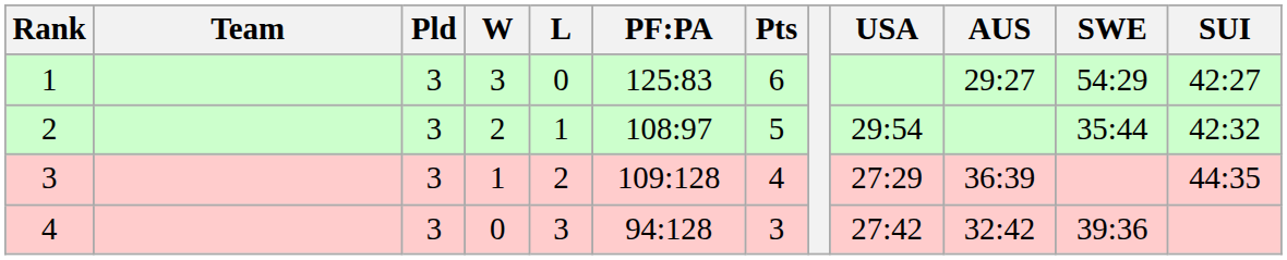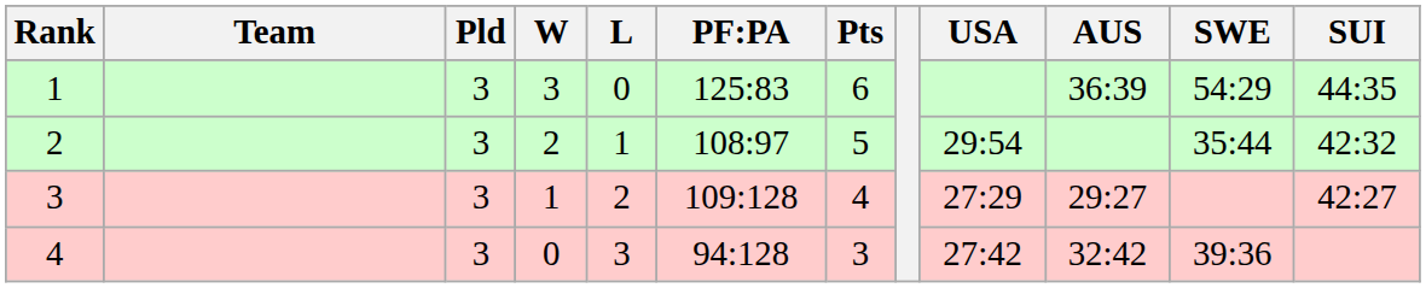 <table class="wikitable" style="text-align:center;">
 <tr>
 <th width=25>Rank</th>
 <th width=150>Team</th>
 <th width=25>Pld</th>
 <th width=25>W</th>
 <th width=25>L</th>
 <th width=70>PF:PA</th>
 <th width=25>Pts</th>
 <th rowspan="5"> </th>
 <th width=50>USA</th>
 <th width=50>AUS</th>
 <th width=50>SWE</th>
 <th width=50>SUI</th>
 </tr>
 <tr style="background:#ccffcc;">
 <td>1</td>
 <td align=left></td>
 <td>3</td>
 <td>3</td>
 <td>0</td>
 <td>125:83</td>
 <td>6</td>
 <td></td>
-<td>29:27</td>
+<td>36:39</td>
 <td>54:29</td>
-<td>42:27</td>
+<td>44:35</td>
 </tr>
 <tr style="background:#ccffcc;">
 <td>2</td>
 <td align=left></td>
 <td>3</td>
 <td>2</td>
 <td>1</td>
 <td>108:97</td>
 <td>5</td>
 <td>29:54</td>
 <td></td>
 <td>35:44</td>
 <td>42:32</td>
 </tr>
 <tr style="background:#ffcccc;">
 <td>3</td>
 <td align=left></td>
 <td>3</td>
 <td>1</td>
 <td>2</td>
 <td>109:128</td>
 <td>4</td>
 <td>27:29</td>
-<td>36:39</td>
+<td>29:27</td>
 <td></td>
-<td>44:35</td>
+<td>42:27</td>
 </tr>
 <tr style="background:#ffcccc;">
 <td>4</td>
 <td align=left></td>
 <td>3</td>
 <td>0</td>
 <td>3</td>
 <td>94:128</td>
 <td>3</td>
 <td>27:42</td>
 <td>32:42</td>
 <td>39:36</td>
 <td></td>
 </tr>
 </table>
